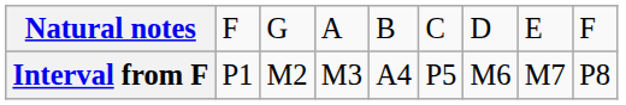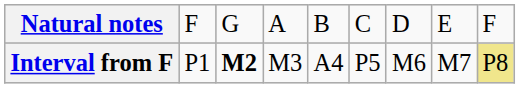 <table class="wikitable">
 <tr>
 <th><a href='#'>Natural notes</a></th>
 <td>F</td>
 <td>G</td>
 <td>A</td>
 <td>B</td>
 <td>C</td>
 <td>D</td>
 <td>E</td>
 <td>F</td>
 </tr>
 <tr>
 <th><a href='#'>Interval</a> from F</th>
 <td>P1</td>
-<td>M2</td>
+<td><strong>M2</strong></td>
 <td>M3</td>
 <td>A4</td>
 <td>P5</td>
 <td>M6</td>
 <td>M7</td>
-<td>P8</td>
+<td style="background: khaki;">P8</td>
 </tr>
 </table>
